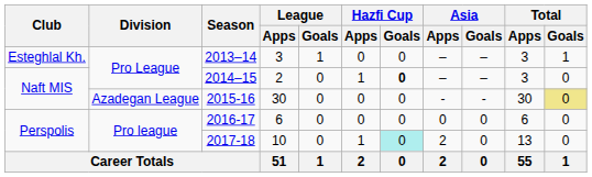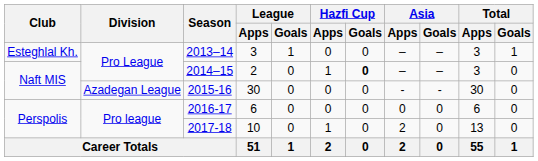 <table class="wikitable" style="text-align: center;">
 <tr>
 <th rowspan="2">Club</th>
 <th rowspan="2">Division</th>
 <th rowspan="2">Season</th>
 <th colspan="2">League</th>
 <th colspan="2"><a href='#'>Hazfi Cup</a></th>
 <th colspan="2"><a href='#'>Asia</a></th>
 <th colspan="2">Total</th>
 </tr>
 <tr>
 <th>Apps</th>
 <th>Goals</th>
 <th>Apps</th>
 <th>Goals</th>
 <th>Apps</th>
 <th>Goals</th>
 <th>Apps</th>
 <th>Goals</th>
 </tr>
 <tr>
 <td><a href='#'>Esteghlal Kh.</a></td>
 <td rowspan="2"><a href='#'>Pro League</a></td>
 <td><a href='#'>2013–14</a></td>
 <td>3</td>
 <td>1</td>
 <td>0</td>
 <td>0</td>
 <td>–</td>
 <td>–</td>
 <td>3</td>
 <td>1</td>
 </tr>
 <tr>
 <td rowspan="2"><a href='#'>Naft MIS</a></td>
 <td><a href='#'>2014–15</a></td>
 <td>2</td>
 <td>0</td>
 <td>1</td>
 <td><strong>0</strong></td>
 <td>–</td>
 <td>–</td>
 <td>3</td>
 <td>0</td>
 </tr>
 <tr>
 <td><a href='#'>Azadegan League</a></td>
 <td><a href='#'>2015-16</a></td>
 <td>30</td>
 <td>0</td>
 <td>0</td>
 <td>0</td>
 <td>-</td>
 <td>-</td>
 <td>30</td>
-<td style="background: khaki;">0</td>
+<td>0</td>
 </tr>
 <tr>
 <td rowspan="2"><a href='#'>Perspolis</a></td>
 <td rowspan="2"><a href='#'>Pro league</a></td>
 <td><a href='#'>2016-17</a></td>
 <td>6</td>
 <td>0</td>
 <td>0</td>
 <td>0</td>
 <td>0</td>
 <td>0</td>
 <td>6</td>
 <td>0</td>
 </tr>
 <tr>
 <td><a href='#'>2017-18</a></td>
 <td>10</td>
 <td>0</td>
 <td>1</td>
-<td style="background: paleturquoise;">0</td>
+<td>0</td>
 <td>2</td>
 <td>0</td>
 <td>13</td>
 <td>0</td>
 </tr>
 <tr>
 <th colspan="3">Career Totals</th>
 <th>51</th>
 <th>1</th>
 <th>2</th>
 <th>0</th>
 <th>2</th>
 <th>0</th>
 <th>55</th>
 <th>1</th>
 </tr>
 </table>
